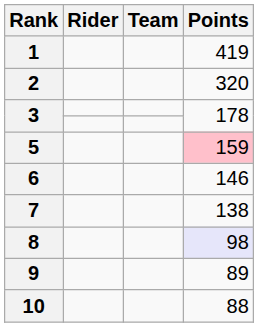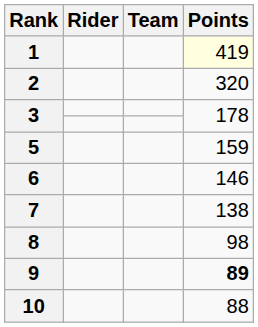 <table class="wikitable">
 <tr>
 <th scope="col">Rank</th>
 <th scope="col">Rider</th>
 <th scope="col">Team</th>
 <th scope="col">Points</th>
 </tr>
 <tr>
 <th scope="row">1</th>
 <td>   </td>
 <td></td>
-<td style="text-align:right;">419</td>
+<td style="background: lightyellow; text-align:right;">419</td>
 </tr>
 <tr>
 <th scope="row">2</th>
 <td></td>
 <td></td>
 <td style="text-align:right;">320</td>
 </tr>
 <tr>
 <th scope="row" rowspan="2">3</th>
 <td></td>
 <td></td>
 <td style="text-align:right;" rowspan="2">178</td>
 </tr>
 <tr>
 <td></td>
 <td></td>
 </tr>
 <tr>
 <th scope="row">5</th>
 <td></td>
 <td></td>
-<td style="background: pink; text-align:right;">159</td>
+<td style="text-align:right;">159</td>
 </tr>
 <tr>
 <th scope="row">6</th>
 <td></td>
 <td></td>
 <td style="text-align:right;">146</td>
 </tr>
 <tr>
 <th scope="row">7</th>
 <td></td>
 <td></td>
 <td style="text-align:right;">138</td>
 </tr>
 <tr>
 <th scope="row">8</th>
 <td></td>
 <td></td>
-<td style="background: lavender; text-align:right;">98</td>
+<td style="text-align:right;">98</td>
 </tr>
 <tr>
 <th scope="row">9</th>
 <td></td>
 <td></td>
-<td style="text-align:right;">89</td>
+<td style="text-align:right;"><strong>89</strong></td>
 </tr>
 <tr>
 <th scope="row">10</th>
 <td></td>
 <td></td>
 <td style="text-align:right;">88</td>
 </tr>
 </table>
